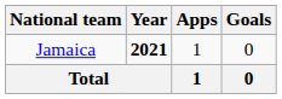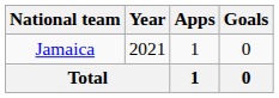 <table class="wikitable" style="text-align:center">
 <tr>
 <th>National team</th>
 <th>Year</th>
 <th>Apps</th>
 <th>Goals</th>
 </tr>
 <tr>
 <td><a href='#'>Jamaica</a></td>
-<td><strong>2021</strong></td>
+<td>2021</td>
 <td>1</td>
 <td>0</td>
 </tr>
 <tr>
 <th colspan=2>Total</th>
 <th>1</th>
 <th>0</th>
 </tr>
 </table>
